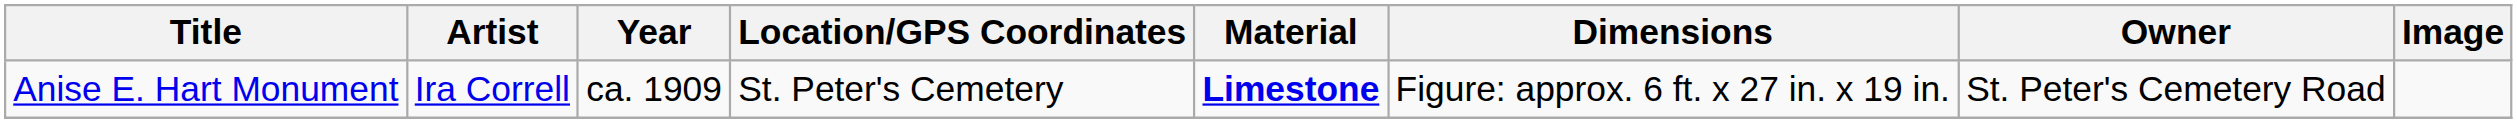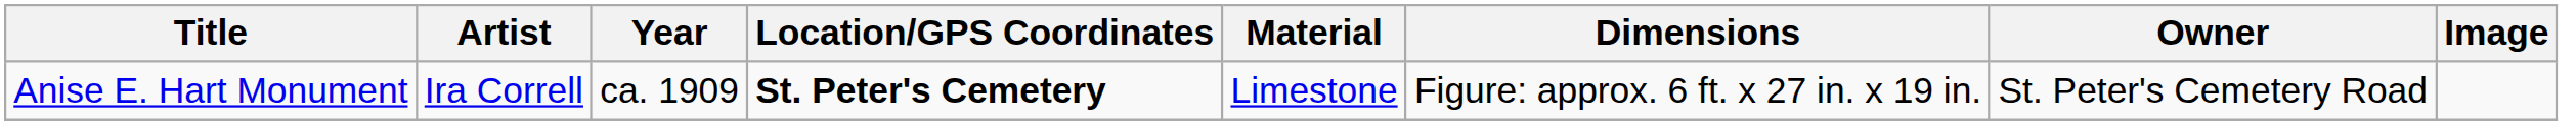 <table class="wikitable sortable">
 <tr>
 <th>Title</th>
 <th>Artist</th>
 <th>Year</th>
 <th>Location/GPS Coordinates</th>
 <th>Material</th>
 <th>Dimensions</th>
 <th>Owner</th>
 <th>Image</th>
 </tr>
 <tr>
 <td><a href='#'>Anise E. Hart Monument</a></td>
 <td><a href='#'>Ira Correll</a></td>
 <td>ca. 1909</td>
-<td>St. Peter's Cemetery</td>
-<td><strong><a href='#'>Limestone</a></strong></td>
+<td><strong>St. Peter's Cemetery</strong></td>
+<td><a href='#'>Limestone</a></td>
 <td>Figure: approx. 6 ft. x 27 in. x 19 in.</td>
 <td>St. Peter's Cemetery Road</td>
 <td></td>
 </tr>
 <tr>
 </tr>
 </table>
